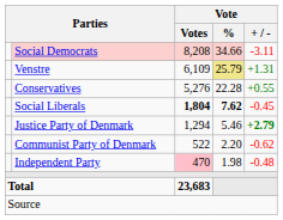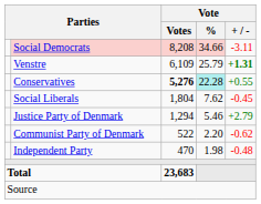 <table class="wikitable" style="text-align:right;">
 <tr>
 <th style="text-align:centre;" rowspan="2" colspan="2" width="225">Parties</th>
 <th colspan="3">Vote</th>
 </tr>
 <tr>
 <th width="15">Votes</th>
 <th width="15">%</th>
 <th width="15">+ / -</th>
 </tr>
 <tr>
 <td width="2" style="color:inherit;background:"></td>
 <td bgcolor=#fbd0ce  align="left"><a href='#'>Social Democrats</a></td>
 <td bgcolor=#fbd0ce>8,208</td>
 <td bgcolor=#fbd0ce>34.66</td>
 <td style=color:red;>-3.11</td>
 </tr>
 <tr>
 <td width="2" style="color:inherit;background:"></td>
 <td align="left"><a href='#'>Venstre</a></td>
 <td>6,109</td>
-<td style="background: khaki;">25.79</td>
-<td style=color:green;>+1.31</td>
+<td>25.79</td>
+<td style=color:green;><strong>+1.31</strong></td>
 </tr>
 <tr>
 <td width="2" style="color:inherit;background:"></td>
 <td align="left"><a href='#'>Conservatives</a></td>
-<td>5,276</td>
-<td>22.28</td>
+<td><strong>5,276</strong></td>
+<td style="background: paleturquoise;">22.28</td>
 <td style=color:green;>+0.55</td>
 </tr>
 <tr>
 <td width="2" style="color:inherit;background:"></td>
 <td align="left"><a href='#'>Social Liberals</a></td>
-<td><strong>1,804</strong></td>
-<td><strong>7.62</strong></td>
+<td>1,804</td>
+<td>7.62</td>
 <td style=color:red;>-0.45</td>
 </tr>
 <tr>
 <td width="2" style="color:inherit;background:"></td>
 <td align="left"><a href='#'>Justice Party of Denmark</a></td>
 <td>1,294</td>
 <td>5.46</td>
-<td style=color:green;><strong>+2.79</strong></td>
+<td style=color:green;>+2.79</td>
 </tr>
 <tr>
 <td width="2" style="color:inherit;background:"></td>
 <td align="left"><a href='#'>Communist Party of Denmark</a></td>
 <td>522</td>
 <td>2.20</td>
 <td style=color:red;>-0.62</td>
 </tr>
 <tr>
 <td width="2" style="color:inherit;background:"></td>
 <td align="left"><a href='#'>Independent Party</a></td>
-<td style="background: pink;">470</td>
+<td>470</td>
 <td>1.98</td>
 <td style=color:red;>-0.48</td>
 </tr>
 <tr>
 <td colspan="7" bgcolor="#E9E9E9"></td>
 </tr>
 <tr>
 <td align="left" colspan="2"><strong>Total</strong></td>
 <td><strong>23,683</strong></td>
 <td bgcolor="#E9E9E9" colspan="2"></td>
 </tr>
 <tr>
 <td align="left" colspan="6">Source</td>
 </tr>
 </table>
